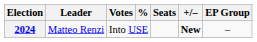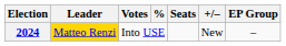 <table class="wikitable" style="text-align:center">
 <tr>
 <th>Election</th>
 <th>Leader</th>
 <th>Votes</th>
 <th>%</th>
 <th>Seats</th>
 <th>+/–</th>
 <th>EP Group</th>
 </tr>
 <tr>
 <th><a href='#'>2024</a></th>
-<td><a href='#'>Matteo Renzi</a></td>
+<td style="background: gold;"><a href='#'>Matteo Renzi</a></td>
 <td colspan="2">Into <a href='#'>USE</a></td>
 <td></td>
-<td><strong>New</strong></td>
+<td>New</td>
 <td>–</td>
 </tr>
 </table>
